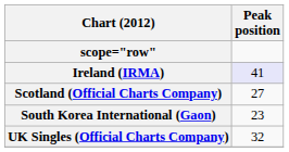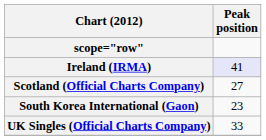 <table class="wikitable plainrowheaders sortable" style="text-align:center;">
 <tr>
 <th scope="col">Chart (2012)</th>
 <th scope="col">Peak<br>position</th>
 </tr>
 <tr>
 <th>scope="row" </th>
 </tr>
 <tr>
 <th scope="row">Ireland (<a href='#'>IRMA</a>)</th>
 <td style="background: lavender;">41</td>
 </tr>
 <tr>
 <th scope="row">Scotland (<a href='#'>Official Charts Company</a>)</th>
 <td>27</td>
 </tr>
 <tr>
 <th scope="row">South Korea International (<a href='#'>Gaon</a>)</th>
 <td style="text-align:center;">23</td>
 </tr>
 <tr>
 <th scope="row">UK Singles (<a href='#'>Official Charts Company</a>)</th>
-<td>32</td>
+<td>33</td>
 </tr>
 <tr>
 </tr>
 </table>
